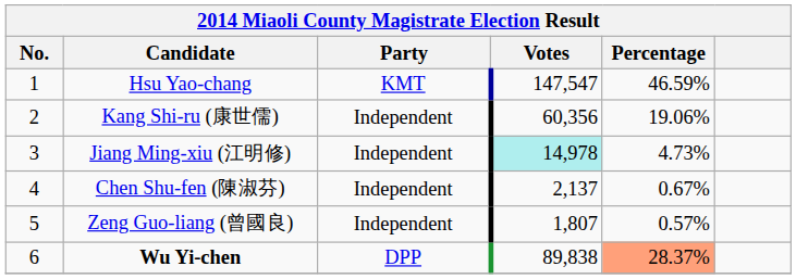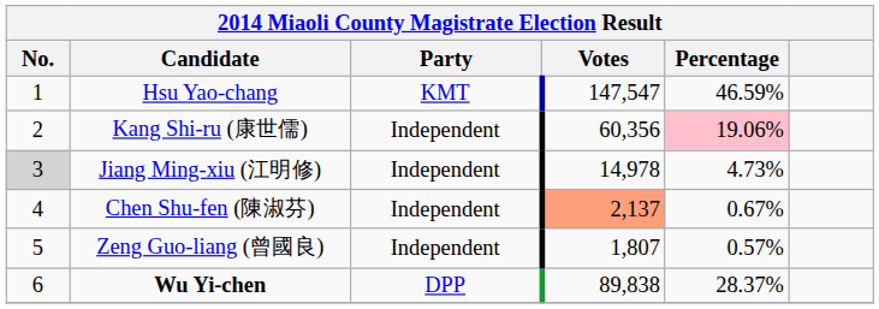 <table class="wikitable" style="margin:1em auto; text-align:center">
 <tr>
 <th colspan="7" width=620px><a href='#'>2014 Miaoli County Magistrate Election</a> Result</th>
 </tr>
 <tr>
 <th width=35>No.</th>
 <th width=180>Candidate</th>
 <th width=120>Party</th>
 <th width=75>Votes</th>
 <th width=75>Percentage</th>
 <th width=49></th>
 </tr>
 <tr>
 <td>1</td>
 <td><a href='#'>Hsu Yao-chang</a></td>
 <td><a href='#'>KMT</a></td>
 <td style="border-left:4px solid #000099;" align="right">147,547</td>
 <td align="right">46.59%</td>
 <td align="center"></td>
 </tr>
 <tr>
 <td>2</td>
 <td><a href='#'>Kang Shi-ru</a> (康世儒)</td>
 <td>Independent</td>
 <td style="border-left:4px solid #000000;" align="right">60,356</td>
-<td align="right">19.06%</td>
+<td align="right" style="background: pink;">19.06%</td>
 <td align="center"></td>
 </tr>
 <tr>
-<td>3</td>
+<td style="background: lightgrey;">3</td>
 <td><a href='#'>Jiang Ming-xiu</a> (江明修)</td>
 <td>Independent</td>
-<td style="background: paleturquoise; border-left:4px solid #000000;" align="right">14,978</td>
+<td style="border-left:4px solid #000000;" align="right">14,978</td>
 <td align="right">4.73%</td>
 <td align="center"></td>
 </tr>
 <tr>
 <td>4</td>
 <td><a href='#'>Chen Shu-fen</a> (陳淑芬)</td>
 <td>Independent</td>
-<td style="border-left:4px solid #000000;" align="right">2,137</td>
+<td style="background: lightsalmon; border-left:4px solid #000000;" align="right">2,137</td>
 <td align="right">0.67%</td>
 <td align="center"></td>
 </tr>
 <tr>
 <td>5</td>
 <td><a href='#'>Zeng Guo-liang</a> (曾國良)</td>
 <td>Independent</td>
 <td style="border-left:4px solid #000000;" align="right">1,807</td>
 <td align="right">0.57%</td>
 <td align="center"></td>
 </tr>
 <tr>
 <td>6</td>
 <td><strong>Wu Yi-chen</strong></td>
 <td><a href='#'>DPP</a></td>
 <td style="border-left:4px solid #1B9431;" align="right">89,838</td>
-<td align="right" style="background: lightsalmon;">28.37%</td>
+<td align="right">28.37%</td>
 <td align="center"></td>
 </tr>
 <tr bgcolor=EEEEEE>
 </tr>
 </table>
